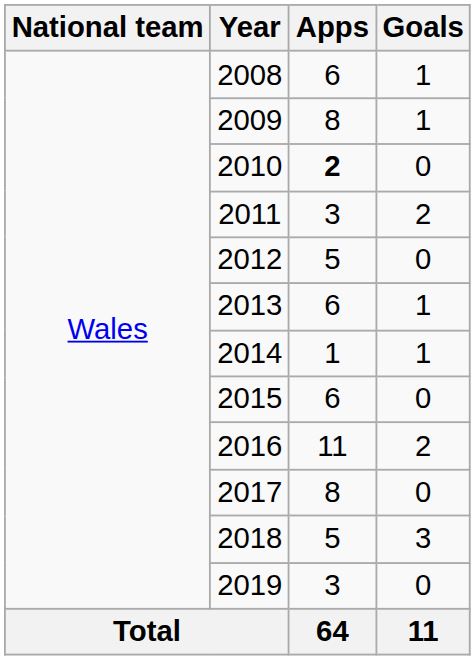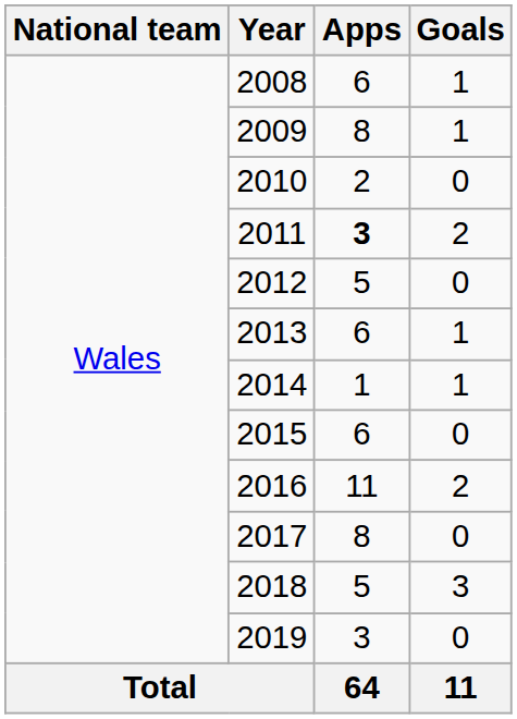 <table class=wikitable style="text-align: center;">
 <tr>
 <th>National team</th>
 <th>Year</th>
 <th>Apps</th>
 <th>Goals</th>
 </tr>
 <tr>
 <td rowspan=12><a href='#'>Wales</a></td>
 <td>2008</td>
 <td>6</td>
 <td>1</td>
 </tr>
 <tr>
 <td>2009</td>
 <td>8</td>
 <td>1</td>
 </tr>
 <tr>
 <td>2010</td>
-<td><strong>2</strong></td>
+<td>2</td>
 <td>0</td>
 </tr>
 <tr>
 <td>2011</td>
-<td>3</td>
+<td><strong>3</strong></td>
 <td>2</td>
 </tr>
 <tr>
 <td>2012</td>
 <td>5</td>
 <td>0</td>
 </tr>
 <tr>
 <td>2013</td>
 <td>6</td>
 <td>1</td>
 </tr>
 <tr>
 <td>2014</td>
 <td>1</td>
 <td>1</td>
 </tr>
 <tr>
 <td>2015</td>
 <td>6</td>
 <td>0</td>
 </tr>
 <tr>
 <td>2016</td>
 <td>11</td>
 <td>2</td>
 </tr>
 <tr>
 <td>2017</td>
 <td>8</td>
 <td>0</td>
 </tr>
 <tr>
 <td>2018</td>
 <td>5</td>
 <td>3</td>
 </tr>
 <tr>
 <td>2019</td>
 <td>3</td>
 <td>0</td>
 </tr>
 <tr>
 <th colspan=2>Total</th>
 <th>64</th>
 <th>11</th>
 </tr>
 </table>
